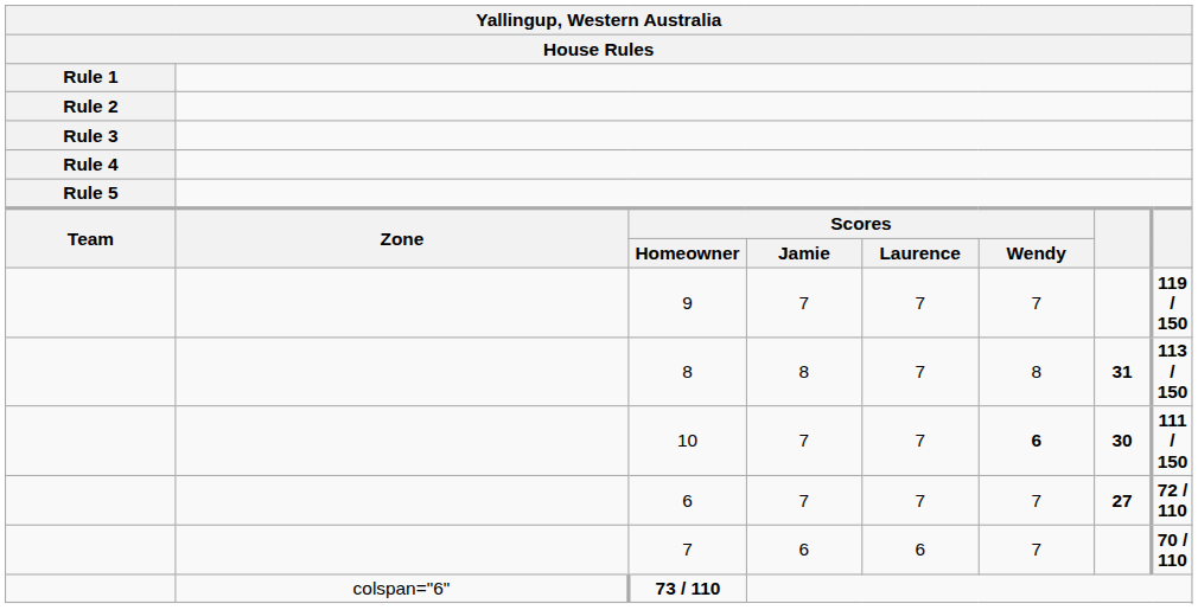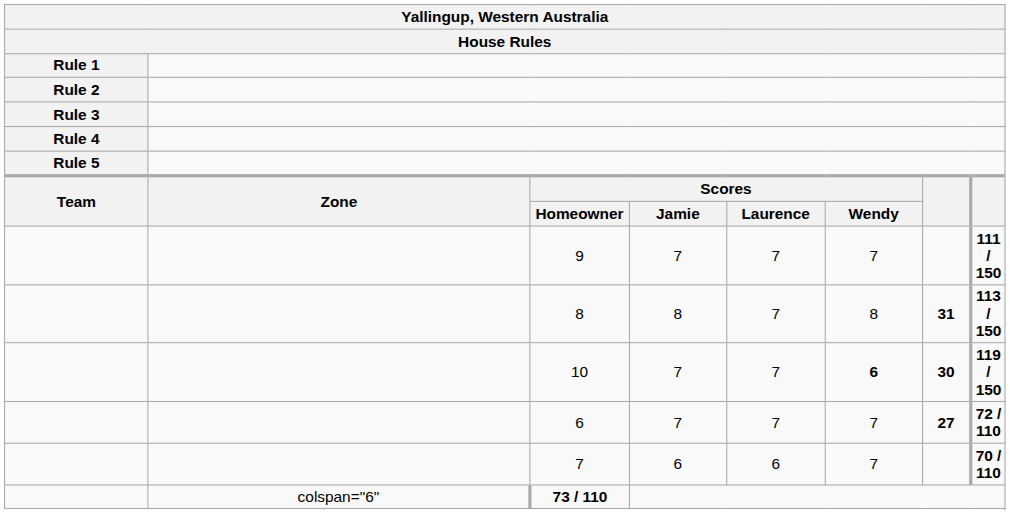 <table class="wikitable plainrowheaders" style="text-align:center; font-size:90%; width:65em;">
 <tr>
 <th colspan="8" >Yallingup, Western Australia</th>
 </tr>
 <tr>
 <th colspan="8">House Rules</th>
 </tr>
 <tr>
 <th>Rule 1</th>
 <td colspan="8"></td>
 </tr>
 <tr>
 <th>Rule 2</th>
 <td colspan="8"></td>
 </tr>
 <tr>
 <th>Rule 3</th>
 <td colspan="8"></td>
 </tr>
 <tr>
 <th>Rule 4</th>
 <td colspan="8"></td>
 </tr>
 <tr>
 <th>Rule 5</th>
 <td colspan="8"></td>
 </tr>
 <tr style="border-top:3px solid #aaa;">
 <th rowspan="2">Team</th>
 <th rowspan="2" style="width:40%;">Zone</th>
 <th colspan="4" style="width:40%;">Scores</th>
 <th rowspan="2" style="width:10%;"></th>
 <th rowspan="2" style="width:10%; border-left:3px solid #aaa;"></th>
 </tr>
 <tr>
 <th style="width:10%;">Homeowner</th>
 <th style="width:10%;">Jamie</th>
 <th style="width:10%;">Laurence</th>
 <th style="width:10%;">Wendy</th>
 </tr>
 <tr>
 <td style="width:15%;"></td>
 <td></td>
 <td>9</td>
 <td>7</td>
 <td>7</td>
 <td>7</td>
 <td></td>
-<td style="border-left:3px solid #aaa;"><strong> 119 / 150</strong></td>
+<td style="border-left:3px solid #aaa;"><strong> 111 / 150</strong></td>
 </tr>
 <tr>
 <td style="width:15%;"></td>
 <td></td>
 <td>8</td>
 <td>8</td>
 <td>7</td>
 <td>8</td>
 <td><strong>31</strong></td>
 <td style="border-left:3px solid #aaa;"><strong> 113 / 150</strong></td>
 </tr>
 <tr>
 <td style="width:15%;"></td>
 <td></td>
 <td>10</td>
 <td>7</td>
 <td>7</td>
 <td><strong>6</strong></td>
 <td><strong>30</strong></td>
-<td style="border-left:3px solid #aaa;"><strong> 111 / 150</strong></td>
+<td style="border-left:3px solid #aaa;"><strong> 119 / 150</strong></td>
 </tr>
 <tr>
 <td style="width:15%;"></td>
 <td></td>
 <td>6</td>
 <td>7</td>
 <td>7</td>
 <td>7</td>
 <td><strong>27</strong></td>
 <td style="border-left:3px solid #aaa;"><strong> 72 / 110</strong></td>
 </tr>
 <tr>
 <td style="width:15%;"></td>
 <td></td>
 <td>7</td>
 <td>6</td>
 <td>6</td>
 <td>7</td>
 <td></td>
 <td style="border-left:3px solid #aaa;"><strong> 70 / 110</strong></td>
 </tr>
 <tr>
 <td style="width:15%;"></td>
 <td>colspan="6" </td>
 <td style="border-left:3px solid #aaa;"><strong> 73 / 110</strong></td>
 </tr>
 <tr>
 </tr>
 </table>
